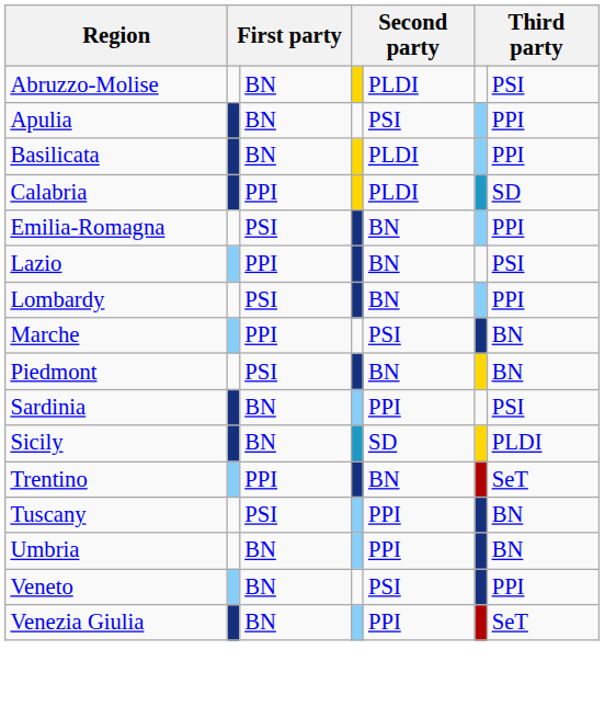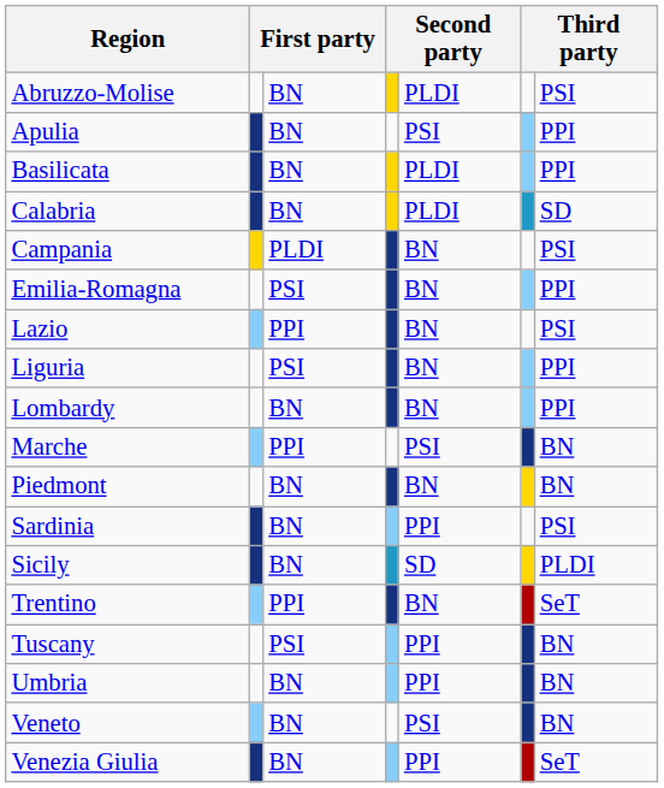 <table class="wikitable" style="valign:top;">
 <tr>
 <th style="width:150px;">Region</th>
 <th colspan=2 style="width:80px;">First party</th>
 <th colspan=2 style="width:80px;">Second party</th>
 <th colspan=2 style="width:80px;">Third party</th>
 </tr>
 <tr>
 <td><a href='#'>Abruzzo-Molise</a></td>
 <td width="1"></td>
 <td align="left"><a href='#'>BN</a></td>
 <td width="1" bgcolor="gold"></td>
 <td align="left"><a href='#'>PLDI</a></td>
 <td width="1"></td>
 <td align="left"><a href='#'>PSI</a></td>
 </tr>
 <tr>
 <td><a href='#'>Apulia</a></td>
 <td width="1" bgcolor="#15317E"></td>
 <td align="left"><a href='#'>BN</a></td>
 <td width="1"></td>
 <td align="left"><a href='#'>PSI</a></td>
 <td width="1" bgcolor="#87CEFA"></td>
 <td align="left"><a href='#'>PPI</a></td>
 </tr>
 <tr>
 <td><a href='#'>Basilicata</a></td>
 <td width="1" bgcolor="#15317E"></td>
 <td align="left"><a href='#'>BN</a></td>
 <td width="1" bgcolor="gold"></td>
 <td align="left"><a href='#'>PLDI</a></td>
 <td width="1" bgcolor="#87CEFA"></td>
 <td align="left"><a href='#'>PPI</a></td>
 </tr>
 <tr>
 <td><a href='#'>Calabria</a></td>
 <td width="1" bgcolor="#15317E"></td>
-<td align="left"><a href='#'>PPI</a></td>
+<td align="left"><a href='#'>BN</a></td>
 <td width="1" bgcolor="gold"></td>
 <td align="left"><a href='#'>PLDI</a></td>
 <td width="1" bgcolor="#1E99C5"></td>
 <td align="left"><a href='#'>SD</a></td>
+</tr>
+<tr>
+<td><a href='#'>Campania</a></td>
+<td width="1" bgcolor="gold"></td>
+<td align="left"><a href='#'>PLDI</a></td>
+<td width="1" bgcolor="#15317E"></td>
+<td align="left"><a href='#'>BN</a></td>
+<td width="1"></td>
+<td align="left"><a href='#'>PSI</a></td>
 </tr>
 <tr>
 <td><a href='#'>Emilia-Romagna</a></td>
 <td width="1"></td>
 <td align="left"><a href='#'>PSI</a></td>
 <td width="1" bgcolor="#15317E"></td>
 <td align="left"><a href='#'>BN</a></td>
 <td width="1" bgcolor="#87CEFA"></td>
 <td align="left"><a href='#'>PPI</a></td>
 </tr>
 <tr>
 <td><a href='#'>Lazio</a></td>
 <td width="1" bgcolor="#87CEFA"></td>
 <td align="left"><a href='#'>PPI</a></td>
 <td width="1" bgcolor="#15317E"></td>
 <td align="left"><a href='#'>BN</a></td>
 <td width="1"></td>
 <td align="left"><a href='#'>PSI</a></td>
 </tr>
 <tr>
+<td><a href='#'>Liguria</a></td>
+<td width="1"></td>
+<td align="left"><a href='#'>PSI</a></td>
+<td width="1" bgcolor="#15317E"></td>
+<td align="left"><a href='#'>BN</a></td>
+<td width="1" bgcolor="#87CEFA"></td>
+<td align="left"><a href='#'>PPI</a></td>
+</tr>
+<tr>
 <td><a href='#'>Lombardy</a></td>
 <td width="1"></td>
-<td align="left"><a href='#'>PSI</a></td>
+<td align="left"><a href='#'>BN</a></td>
 <td width="1" bgcolor="#15317E"></td>
 <td align="left"><a href='#'>BN</a></td>
 <td width="1" bgcolor="#87CEFA"></td>
 <td align="left"><a href='#'>PPI</a></td>
 </tr>
 <tr>
 <td><a href='#'>Marche</a></td>
 <td width="1" bgcolor="#87CEFA"></td>
 <td align="left"><a href='#'>PPI</a></td>
 <td width="1"></td>
 <td align="left"><a href='#'>PSI</a></td>
 <td width="1" bgcolor="#15317E"></td>
 <td align="left"><a href='#'>BN</a></td>
 </tr>
 <tr>
 <td><a href='#'>Piedmont</a></td>
 <td width="1"></td>
-<td align="left"><a href='#'>PSI</a></td>
+<td align="left"><a href='#'>BN</a></td>
 <td width="1" bgcolor="#15317E"></td>
 <td align="left"><a href='#'>BN</a></td>
 <td width="1" bgcolor="gold"></td>
 <td align="left"><a href='#'>BN</a></td>
 </tr>
 <tr>
 <td><a href='#'>Sardinia</a></td>
 <td width="1" bgcolor="#15317E"></td>
 <td align="left"><a href='#'>BN</a></td>
 <td width="1" bgcolor="#87CEFA"></td>
 <td align="left"><a href='#'>PPI</a></td>
 <td width="1"></td>
 <td align="left"><a href='#'>PSI</a></td>
 </tr>
 <tr>
 <td><a href='#'>Sicily</a></td>
 <td width="1" bgcolor="#15317E"></td>
 <td align="left"><a href='#'>BN</a></td>
 <td width="1" bgcolor="#1E99C5"></td>
 <td align="left"><a href='#'>SD</a></td>
 <td width="1" bgcolor="gold"></td>
 <td align="left"><a href='#'>PLDI</a></td>
 </tr>
 <tr>
 <td><a href='#'>Trentino</a></td>
 <td width="1" bgcolor="#87CEFA"></td>
 <td align="left"><a href='#'>PPI</a></td>
 <td width="1" bgcolor="#15317E"></td>
 <td align="left"><a href='#'>BN</a></td>
 <td width="1" bgcolor="#B00000"></td>
 <td align="left"><a href='#'>SeT</a></td>
 </tr>
 <tr>
 <td><a href='#'>Tuscany</a></td>
 <td width="1"></td>
 <td align="left"><a href='#'>PSI</a></td>
 <td width="1" bgcolor="#87CEFA"></td>
 <td align="left"><a href='#'>PPI</a></td>
 <td width="1" bgcolor="#15317E"></td>
 <td align="left"><a href='#'>BN</a></td>
 </tr>
 <tr>
 <td><a href='#'>Umbria</a></td>
 <td width="1"></td>
 <td align="left"><a href='#'>BN</a></td>
 <td width="1" bgcolor="#87CEFA"></td>
 <td align="left"><a href='#'>PPI</a></td>
 <td width="1" bgcolor="#15317E"></td>
 <td align="left"><a href='#'>BN</a></td>
 </tr>
 <tr>
 <td><a href='#'>Veneto</a></td>
 <td width="1" bgcolor="#87CEFA"></td>
 <td align="left"><a href='#'>BN</a></td>
 <td width="1"></td>
 <td align="left"><a href='#'>PSI</a></td>
 <td width="1" bgcolor="#15317E"></td>
-<td align="left"><a href='#'>PPI</a></td>
+<td align="left"><a href='#'>BN</a></td>
 </tr>
 <tr>
 <td><a href='#'>Venezia Giulia</a></td>
 <td width="1" bgcolor="#15317E"></td>
 <td align="left"><a href='#'>BN</a></td>
 <td width="1" bgcolor="#87CEFA"></td>
 <td align="left"><a href='#'>PPI</a></td>
 <td width="1" bgcolor="#B00000"></td>
 <td align="left"><a href='#'>SeT</a></td>
 </tr>
 </table>
